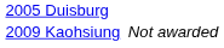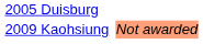 <table>
 <tr>
 <td><a href='#'>2005 Duisburg</a></td>
 <td></td>
 <td></td>
 <td></td>
 </tr>
 <tr>
 <td><a href='#'>2009 Kaohsiung</a></td>
 <td></td>
-<td><em>Not awarded</em></td>
+<td style="background: lightsalmon;"><em>Not awarded</em></td>
 <td></td>
 </tr>
 </table>
